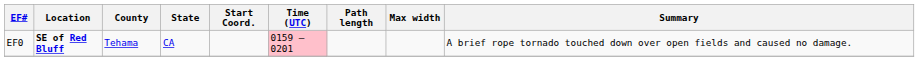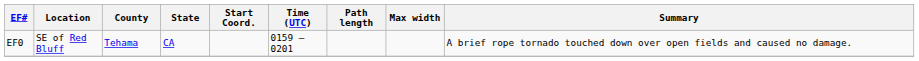 <table class="wikitable sortable" style="width:100%;">
 <tr>
 <th scope="col"  style="width:3%; text-align:center;"><a href='#'>EF#</a></th>
 <th scope="col"  style="width:7%; text-align:center;" class="unsortable">Location</th>
 <th scope="col"  style="width:6%; text-align:center;" class="unsortable">County</th>
 <th scope="col"  style="width:5%; text-align:center;">State</th>
 <th scope="col"  style="width:6%; text-align:center;">Start Coord.</th>
 <th scope="col"  style="width:6%; text-align:center;">Time (<a href='#'>UTC</a>)</th>
 <th scope="col"  style="width:6%; text-align:center;">Path length</th>
 <th scope="col"  style="width:6%; text-align:center;">Max width</th>
 <th scope="col" class="unsortable" style="width:48%; text-align:center;">Summary</th>
 </tr>
 <tr>
 <td>EF0</td>
-<td><strong>SE of <a href='#'>Red Bluff</a></strong></td>
+<td>SE of <a href='#'>Red Bluff</a></td>
 <td><a href='#'>Tehama</a></td>
 <td><a href='#'>CA</a></td>
 <td></td>
-<td style="background: pink;">0159 – 0201</td>
+<td>0159 – 0201</td>
 <td></td>
 <td></td>
 <td>A brief rope tornado touched down over open fields and caused no damage.</td>
 </tr>
 <tr>
 </tr>
 </table>
